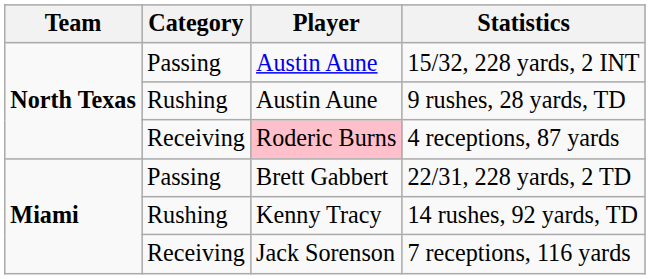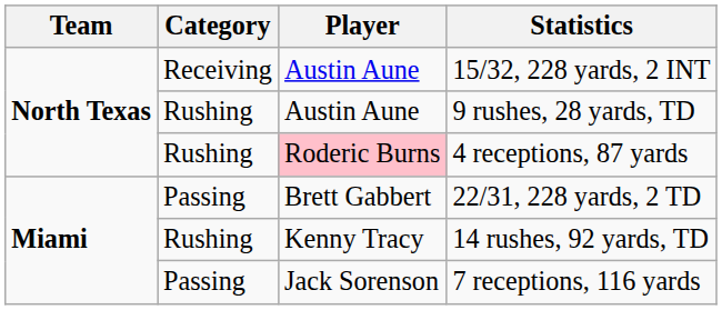 <table class="wikitable" style="float: left;">
 <tr>
 <th>Team</th>
 <th>Category</th>
 <th>Player</th>
 <th>Statistics</th>
 </tr>
 <tr>
 <td rowspan=3><strong>North Texas</strong></td>
-<td>Passing</td>
+<td>Receiving</td>
 <td><a href='#'>Austin Aune</a></td>
 <td>15/32, 228 yards, 2 INT</td>
 </tr>
 <tr>
 <td>Rushing</td>
 <td>Austin Aune</td>
 <td>9 rushes, 28 yards, TD</td>
 </tr>
 <tr>
-<td>Receiving</td>
+<td>Rushing</td>
 <td style="background: pink;">Roderic Burns</td>
 <td>4 receptions, 87 yards</td>
 </tr>
 <tr>
 <td rowspan=3><strong>Miami</strong></td>
 <td>Passing</td>
 <td>Brett Gabbert</td>
 <td>22/31, 228 yards, 2 TD</td>
 </tr>
 <tr>
 <td>Rushing</td>
 <td>Kenny Tracy</td>
 <td>14 rushes, 92 yards, TD</td>
 </tr>
 <tr>
-<td>Receiving</td>
+<td>Passing</td>
 <td>Jack Sorenson</td>
 <td>7 receptions, 116 yards</td>
 </tr>
 </table>
